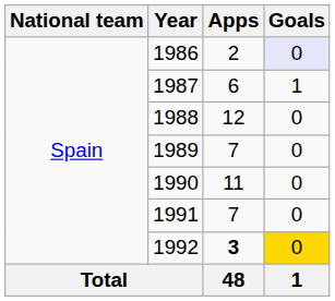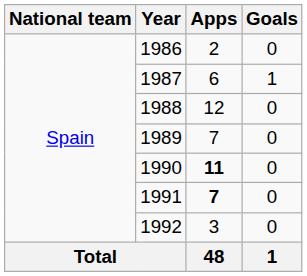 <table class="wikitable" style="text-align:center">
 <tr>
 <th>National team</th>
 <th>Year</th>
 <th>Apps</th>
 <th>Goals</th>
 </tr>
 <tr>
 <td rowspan="7"><a href='#'>Spain</a></td>
 <td>1986</td>
 <td>2</td>
-<td style="background: lavender;">0</td>
+<td>0</td>
 </tr>
 <tr>
 <td>1987</td>
 <td>6</td>
 <td>1</td>
 </tr>
 <tr>
 <td>1988</td>
 <td>12</td>
 <td>0</td>
 </tr>
 <tr>
 <td>1989</td>
 <td>7</td>
 <td>0</td>
 </tr>
 <tr>
 <td>1990</td>
-<td>11</td>
+<td><strong>11</strong></td>
 <td>0</td>
 </tr>
 <tr>
 <td>1991</td>
-<td>7</td>
+<td><strong>7</strong></td>
 <td>0</td>
 </tr>
 <tr>
 <td>1992</td>
-<td><strong>3</strong></td>
-<td style="background: gold;">0</td>
+<td>3</td>
+<td>0</td>
 </tr>
 <tr>
 <th colspan="2">Total</th>
 <th>48</th>
 <th>1</th>
 </tr>
 </table>
